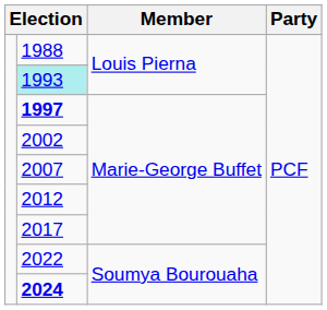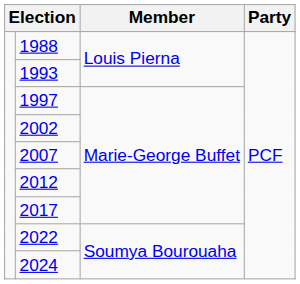 <table class="wikitable">
 <tr>
 <th colspan="2">Election</th>
 <th>Member</th>
 <th>Party</th>
 </tr>
 <tr>
 <td rowspan="9" style="color:inherit;background-color: "></td>
 <td><a href='#'>1988</a></td>
 <td rowspan="2"><a href='#'>Louis Pierna</a></td>
 <td rowspan="9"><a href='#'>PCF</a></td>
 </tr>
 <tr>
-<td style="background: paleturquoise;"><a href='#'>1993</a></td>
+<td><a href='#'>1993</a></td>
 </tr>
 <tr>
-<td><strong><a href='#'>1997</a></strong></td>
+<td><a href='#'>1997</a></td>
 <td rowspan="5"><a href='#'>Marie-George Buffet</a></td>
 </tr>
 <tr>
 <td><a href='#'>2002</a></td>
 </tr>
 <tr>
 <td><a href='#'>2007</a></td>
 </tr>
 <tr>
 <td><a href='#'>2012</a></td>
 </tr>
 <tr>
 <td><a href='#'>2017</a></td>
 </tr>
 <tr>
 <td><a href='#'>2022</a></td>
 <td rowspan="2"><a href='#'>Soumya Bourouaha</a></td>
 </tr>
 <tr>
-<td><strong><a href='#'>2024</a></strong></td>
+<td><a href='#'>2024</a></td>
 </tr>
 </table>
